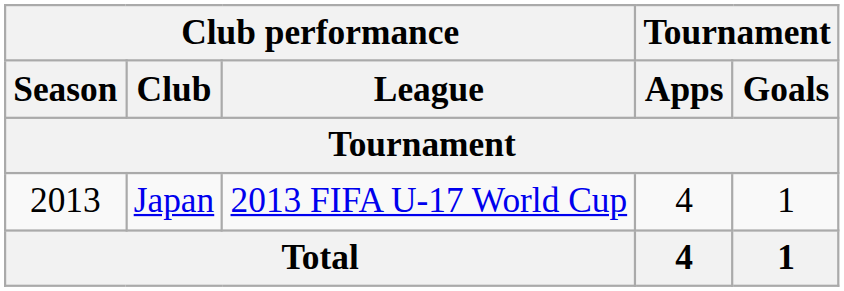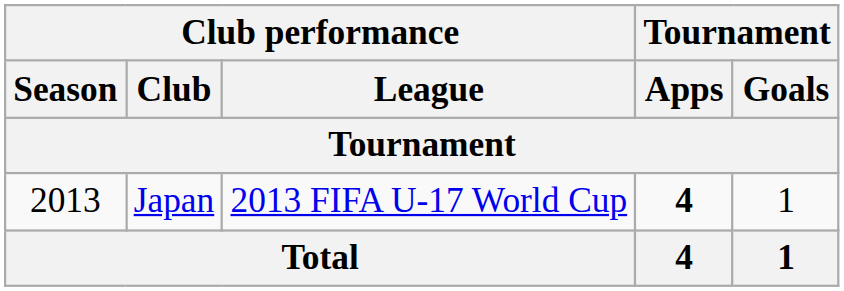 <table class="wikitable" style="text-align:center;">
 <tr>
 <th colspan=3>Club performance</th>
 <th colspan=2>Tournament</th>
 </tr>
 <tr>
 <th>Season</th>
 <th>Club</th>
 <th>League</th>
 <th>Apps</th>
 <th>Goals</th>
 </tr>
 <tr>
 <th colspan=6>Tournament</th>
 </tr>
 <tr>
 <td>2013</td>
 <td><a href='#'>Japan</a></td>
 <td><a href='#'>2013 FIFA U-17 World Cup</a></td>
-<td>4</td>
+<td><strong>4</strong></td>
 <td>1</td>
 </tr>
 <tr>
 <th colspan=3>Total</th>
 <th>4</th>
 <th>1</th>
 </tr>
 </table>
